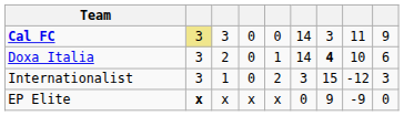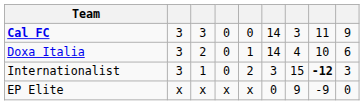 <table class="wikitable" style="text-align:center;">
 <tr>
 <th width=175>Team</th>
 <th width=20></th>
 <th width=20></th>
 <th width=20></th>
 <th width=20></th>
 <th width=20></th>
 <th width=20></th>
 <th width=20></th>
 <th width=20></th>
 </tr>
 <tr>
 <td align=left> <strong><a href='#'>Cal FC</a></strong></td>
-<td style="background: khaki;">3</td>
+<td>3</td>
 <td>3</td>
 <td>0</td>
 <td>0</td>
 <td>14</td>
 <td>3</td>
 <td>11</td>
 <td>9</td>
 </tr>
 <tr>
 <td align=left> <a href='#'>Doxa Italia</a></td>
 <td>3</td>
 <td>2</td>
 <td>0</td>
 <td>1</td>
 <td>14</td>
-<td><strong>4</strong></td>
+<td>4</td>
 <td>10</td>
 <td>6</td>
 </tr>
 <tr>
 <td align=left> Internationalist</td>
 <td>3</td>
 <td>1</td>
 <td>0</td>
 <td>2</td>
 <td>3</td>
 <td>15</td>
-<td>-12</td>
+<td><strong>-12</strong></td>
 <td>3</td>
 </tr>
 <tr>
 <td align=left> EP Elite</td>
-<td><strong>x</strong></td>
+<td>x</td>
 <td>x</td>
 <td>x</td>
 <td>x</td>
 <td>0</td>
 <td>9</td>
 <td>-9</td>
 <td>0</td>
 </tr>
 </table>
